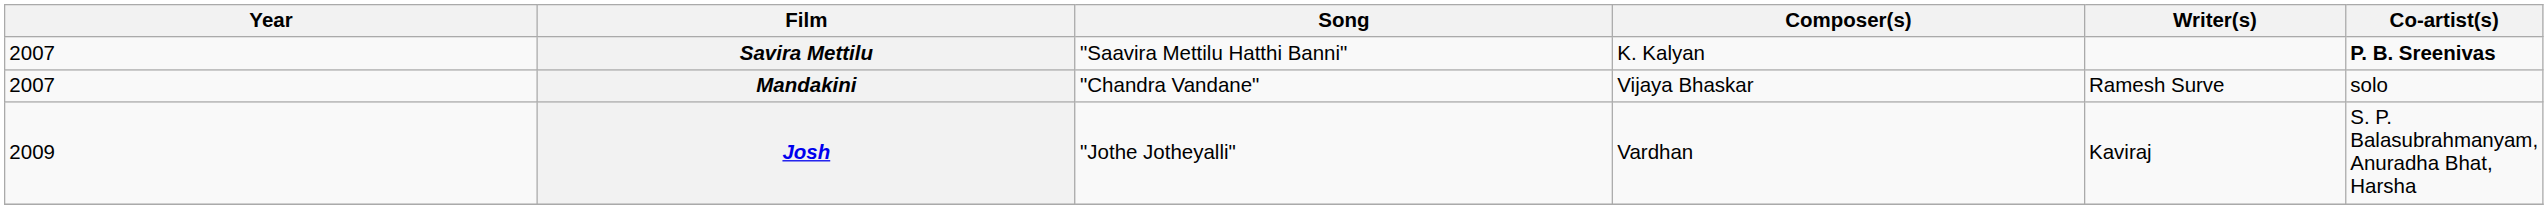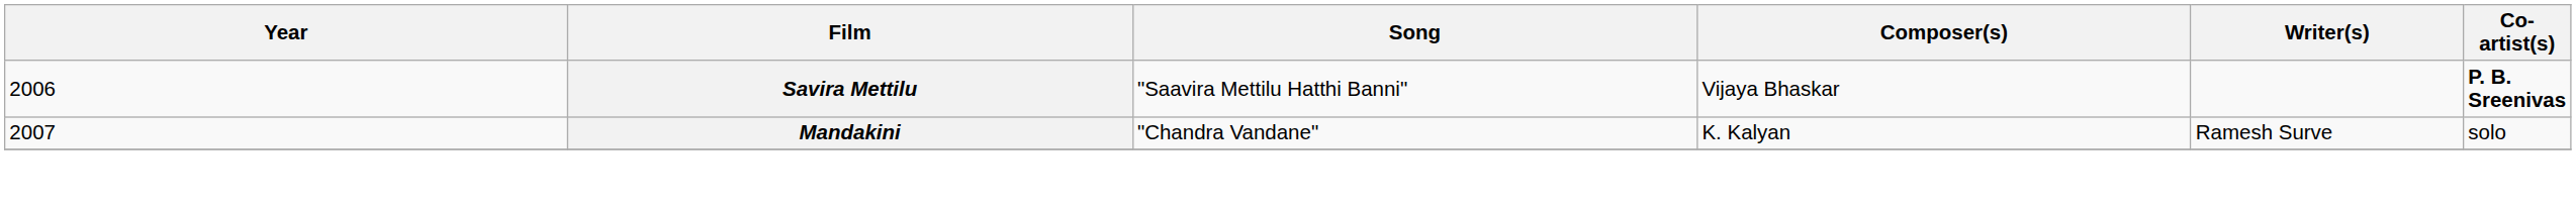 <table class="wikitable plainrowheaders" width="100%" textcolor:#000;">
 <tr style="background:#b0e0e66;">
 <th scope="col" width=23%><strong>Year</strong></th>
 <th scope="col" width=23%><strong>Film</strong></th>
 <th scope="col" width=23%><strong>Song</strong></th>
 <th scope="col" width=20%><strong>Composer(s)</strong></th>
 <th scope="col" width=16%><strong>Writer(s)</strong></th>
 <th scope="col" width=18%><strong>Co-artist(s)</strong></th>
 </tr>
 <tr>
-<td rowspan=1>2007</td>
+<td rowspan=1>2006</td>
 <th><em>Savira Mettilu</em></th>
 <td>"Saavira Mettilu Hatthi Banni"</td>
-<td>K. Kalyan</td>
+<td>Vijaya Bhaskar</td>
 <td></td>
 <td><strong>P. B. Sreenivas</strong></td>
 </tr>
 <tr>
 <td rowspan=1>2007</td>
 <th><em>Mandakini</em></th>
 <td>"Chandra Vandane"</td>
-<td>Vijaya Bhaskar</td>
+<td>K. Kalyan</td>
 <td>Ramesh Surve</td>
 <td>solo</td>
 </tr>
 <tr>
-<td>2009</td>
-<th><em><a href='#'>Josh</a></em></th>
-<td>"Jothe Jotheyalli"</td>
-<td>Vardhan</td>
-<td>Kaviraj</td>
-<td>S. P. Balasubrahmanyam, Anuradha Bhat, Harsha</td>
-</tr>
-<tr>
 </tr>
 </table>
